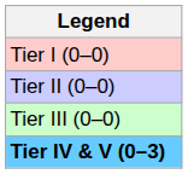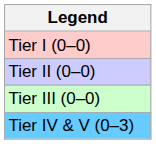 <table class="wikitable" width=11%>
 <tr>
 <th>Legend</th>
 </tr>
 <tr>
 <td bgcolor=#ffcccc>Tier I (0–0)</td>
 </tr>
 <tr>
 <td bgcolor=#ccccff>Tier II (0–0)</td>
 </tr>
 <tr>
 <td bgcolor=#CCFFCC>Tier III (0–0)</td>
 </tr>
 <tr>
-<td bgcolor=#66CCFF><strong>Tier IV & V (0–3)</strong></td>
+<td bgcolor=#66CCFF>Tier IV & V (0–3)</td>
 </tr>
 </table>
